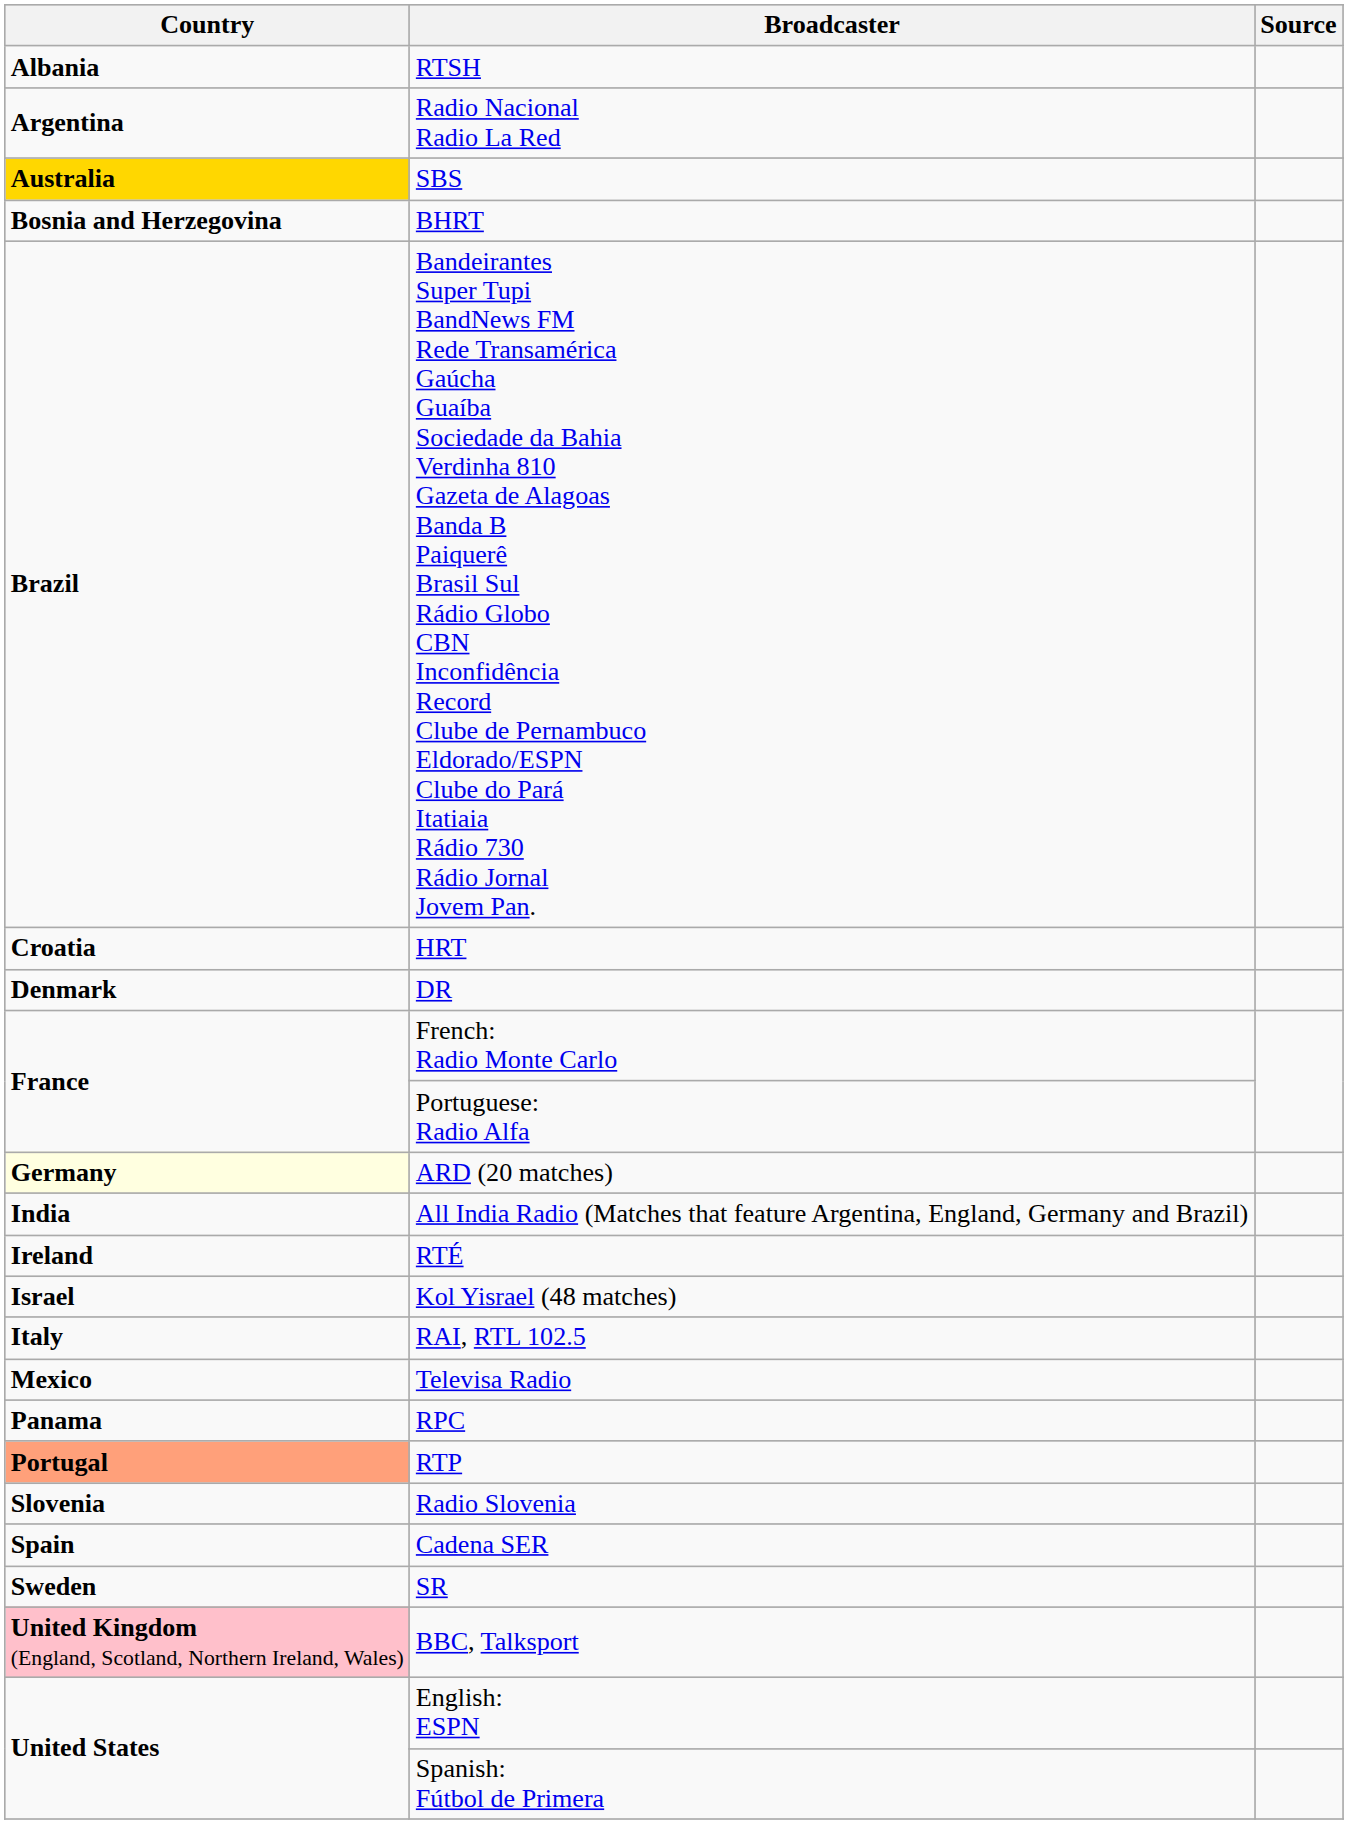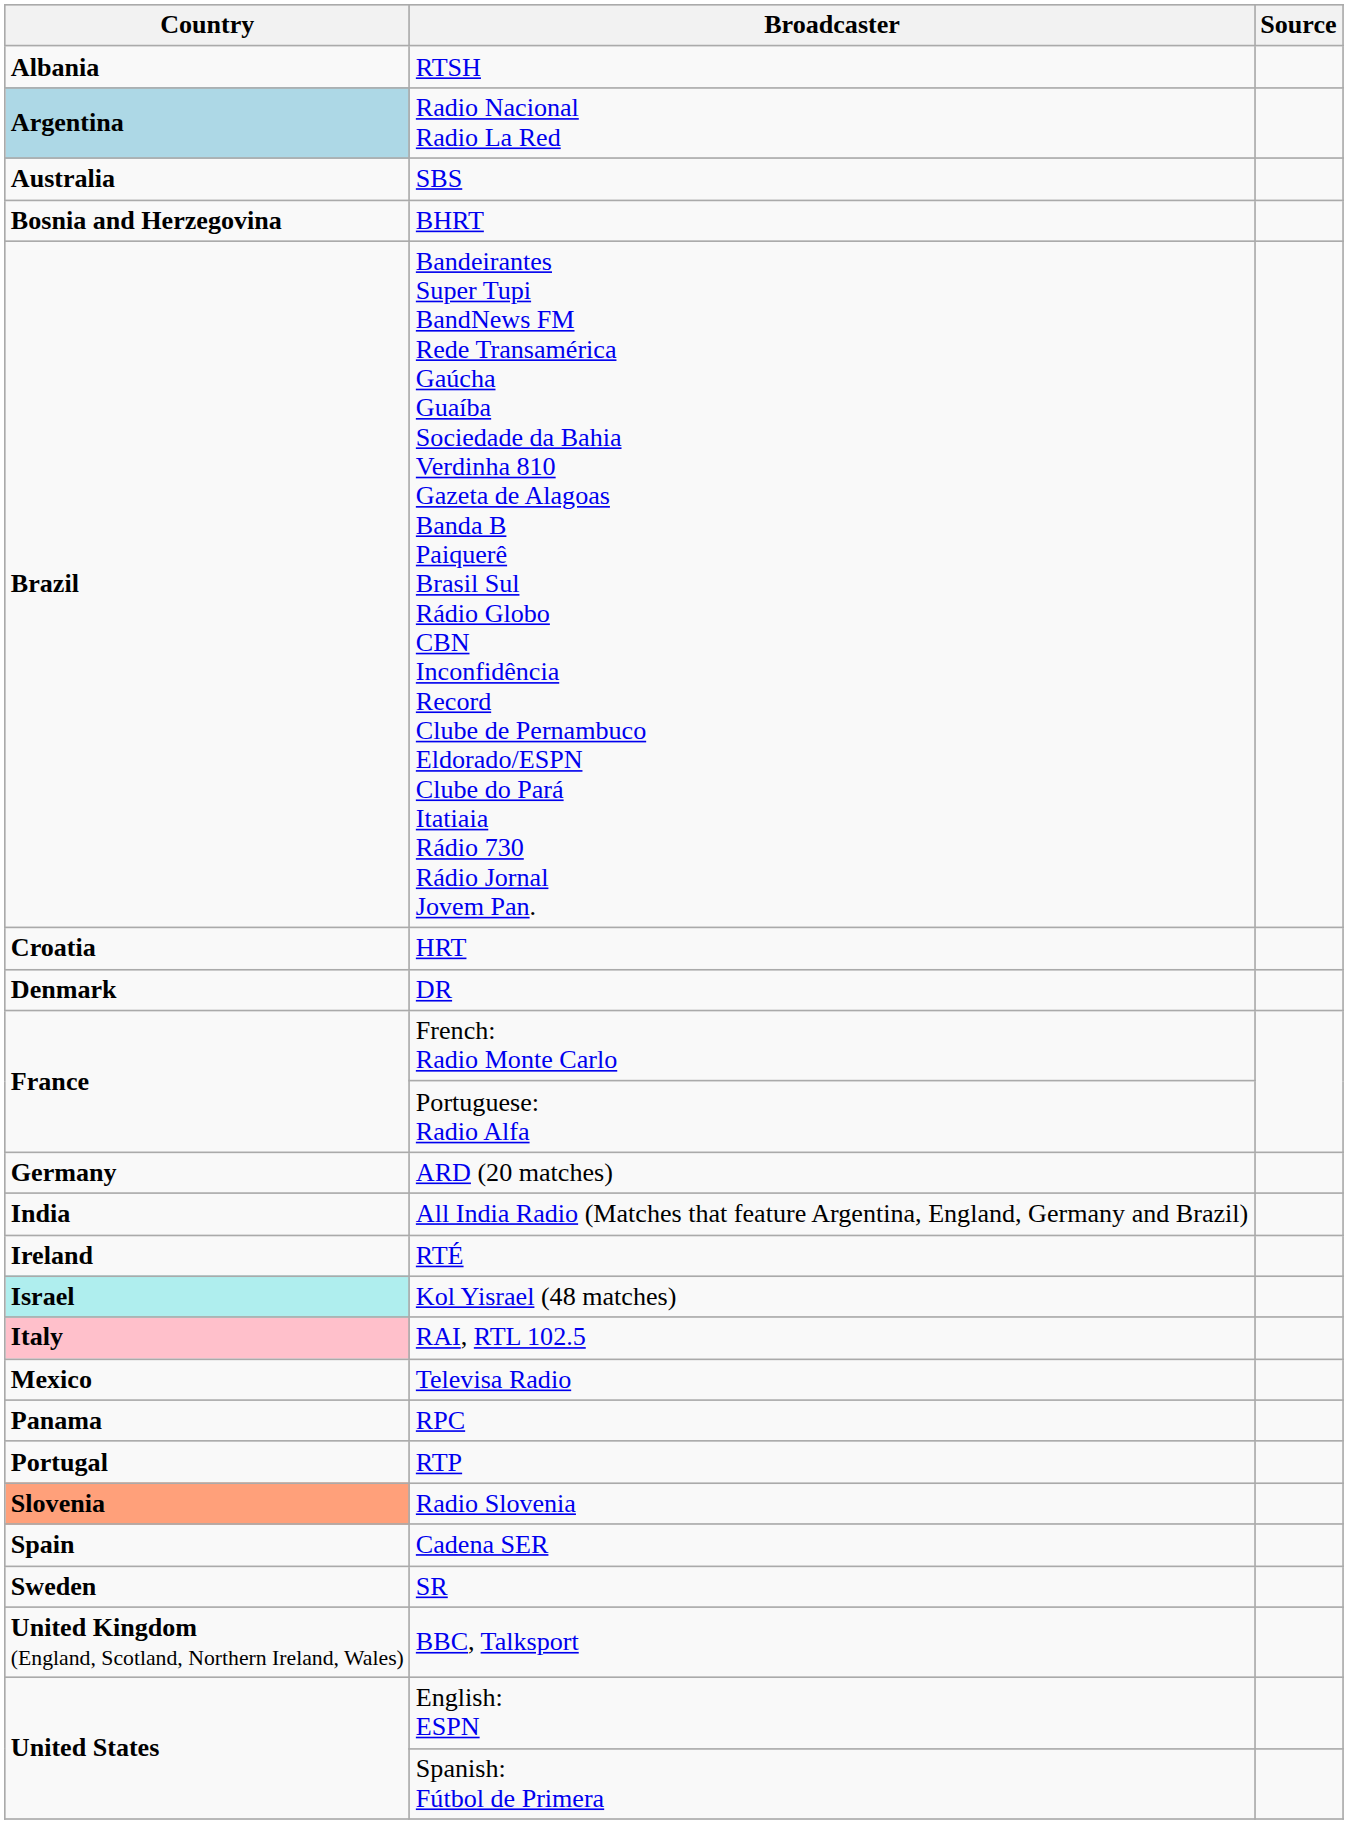 <table class="wikitable" border="1">
 <tr>
 <th>Country</th>
 <th>Broadcaster</th>
 <th>Source</th>
 </tr>
 <tr>
 <td><strong>Albania</strong></td>
 <td><a href='#'>RTSH</a></td>
 <td></td>
 </tr>
 <tr>
-<td><strong>Argentina</strong></td>
+<td style="background: lightblue;"><strong>Argentina</strong></td>
 <td><a href='#'>Radio Nacional</a><br><a href='#'>Radio La Red</a></td>
 <td></td>
 </tr>
 <tr>
-<td style="background: gold;"><strong>Australia</strong></td>
+<td><strong>Australia</strong></td>
 <td><a href='#'>SBS</a></td>
 <td></td>
 </tr>
 <tr>
 <td><strong>Bosnia and Herzegovina</strong></td>
 <td><a href='#'>BHRT</a></td>
 <td></td>
 </tr>
 <tr>
 <td><strong>Brazil</strong></td>
 <td><a href='#'>Bandeirantes</a><br><a href='#'>Super Tupi</a><br><a href='#'>BandNews FM</a><br><a href='#'>Rede Transamérica</a><br><a href='#'>Gaúcha</a><br><a href='#'>Guaíba</a><br><a href='#'>Sociedade da Bahia</a><br><a href='#'>Verdinha 810</a><br><a href='#'>Gazeta de Alagoas</a><br><a href='#'>Banda B</a><br><a href='#'>Paiquerê</a><br><a href='#'>Brasil Sul</a><br><a href='#'>Rádio Globo</a><br><a href='#'>CBN</a><br><a href='#'>Inconfidência</a><br><a href='#'>Record</a><br><a href='#'>Clube de Pernambuco</a><br><a href='#'>Eldorado/ESPN</a><br><a href='#'>Clube do Pará</a><br><a href='#'>Itatiaia</a><br><a href='#'>Rádio 730</a><br><a href='#'>Rádio Jornal</a><br><a href='#'>Jovem Pan</a>.</td>
 <td></td>
 </tr>
 <tr>
 <td><strong>Croatia</strong></td>
 <td><a href='#'>HRT</a></td>
 <td></td>
 </tr>
 <tr>
 <td><strong>Denmark</strong></td>
 <td><a href='#'>DR</a></td>
 <td></td>
 </tr>
 <tr>
 <td rowspan=2><strong>France</strong></td>
 <td>French:<br><a href='#'>Radio Monte Carlo</a></td>
 <td rowspan=2></td>
 </tr>
 <tr>
 <td>Portuguese:<br><a href='#'>Radio Alfa</a></td>
 </tr>
 <tr>
-<td style="background: lightyellow;"><strong>Germany</strong></td>
+<td><strong>Germany</strong></td>
 <td><a href='#'>ARD</a> (20 matches)</td>
 <td></td>
 </tr>
 <tr>
 <td><strong>India</strong></td>
 <td><a href='#'>All India Radio</a> (Matches that feature Argentina, England, Germany and Brazil)</td>
 <td></td>
 </tr>
 <tr>
 <td><strong>Ireland</strong></td>
 <td><a href='#'>RTÉ</a></td>
 <td></td>
 </tr>
 <tr>
-<td><strong>Israel</strong></td>
+<td style="background: paleturquoise;"><strong>Israel</strong></td>
 <td><a href='#'>Kol Yisrael</a> (48 matches)</td>
 <td></td>
 </tr>
 <tr>
-<td><strong>Italy</strong></td>
+<td style="background: pink;"><strong>Italy</strong></td>
 <td><a href='#'>RAI</a>, <a href='#'>RTL 102.5</a></td>
 <td></td>
 </tr>
 <tr>
 <td><strong>Mexico</strong></td>
 <td><a href='#'>Televisa Radio</a></td>
 <td></td>
 </tr>
 <tr>
 <td><strong>Panama</strong></td>
 <td><a href='#'>RPC</a></td>
 <td></td>
 </tr>
 <tr>
-<td style="background: lightsalmon;"><strong>Portugal</strong></td>
+<td><strong>Portugal</strong></td>
 <td><a href='#'>RTP</a></td>
 <td></td>
 </tr>
 <tr>
-<td><strong>Slovenia</strong></td>
+<td style="background: lightsalmon;"><strong>Slovenia</strong></td>
 <td><a href='#'>Radio Slovenia</a></td>
 <td></td>
 </tr>
 <tr>
 <td><strong>Spain</strong></td>
 <td><a href='#'>Cadena SER</a></td>
 <td></td>
 </tr>
 <tr>
 <td><strong>Sweden</strong></td>
 <td><a href='#'>SR</a></td>
 <td></td>
 </tr>
 <tr>
-<td style="background: pink;"><strong>United Kingdom</strong><br><small>(England, Scotland, Northern Ireland, Wales)</small></td>
+<td><strong>United Kingdom</strong><br><small>(England, Scotland, Northern Ireland, Wales)</small></td>
 <td><a href='#'>BBC</a>, <a href='#'>Talksport</a></td>
 <td></td>
 </tr>
 <tr>
 <td rowspan=2><strong>United States</strong></td>
 <td>English:<br> <a href='#'>ESPN</a></td>
 <td></td>
 </tr>
 <tr>
 <td>Spanish:<br><a href='#'>Fútbol de Primera</a></td>
 <td></td>
 </tr>
 </table>
